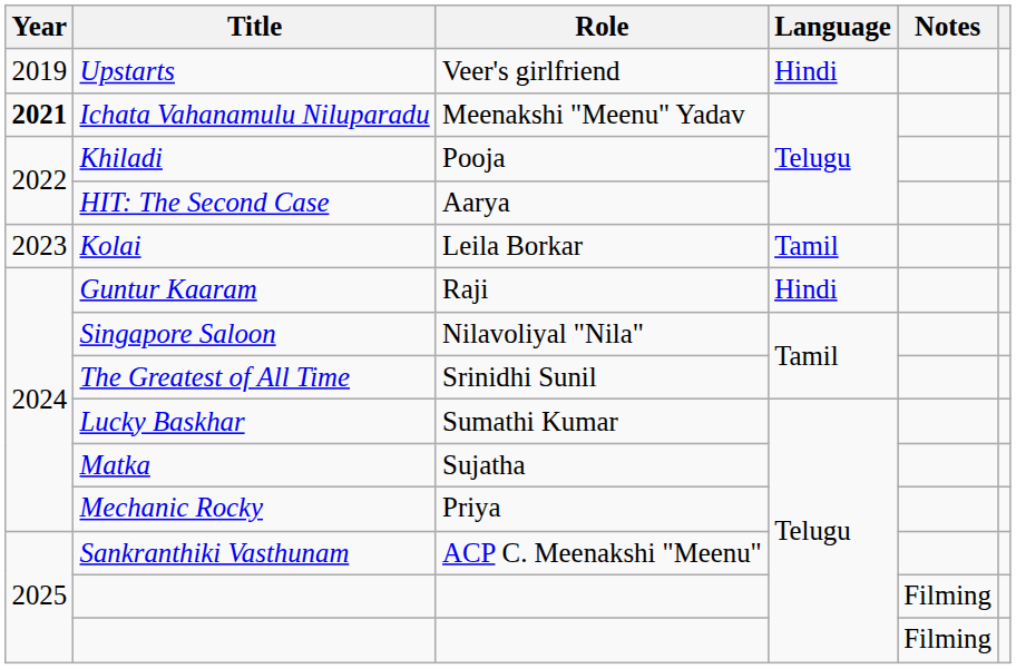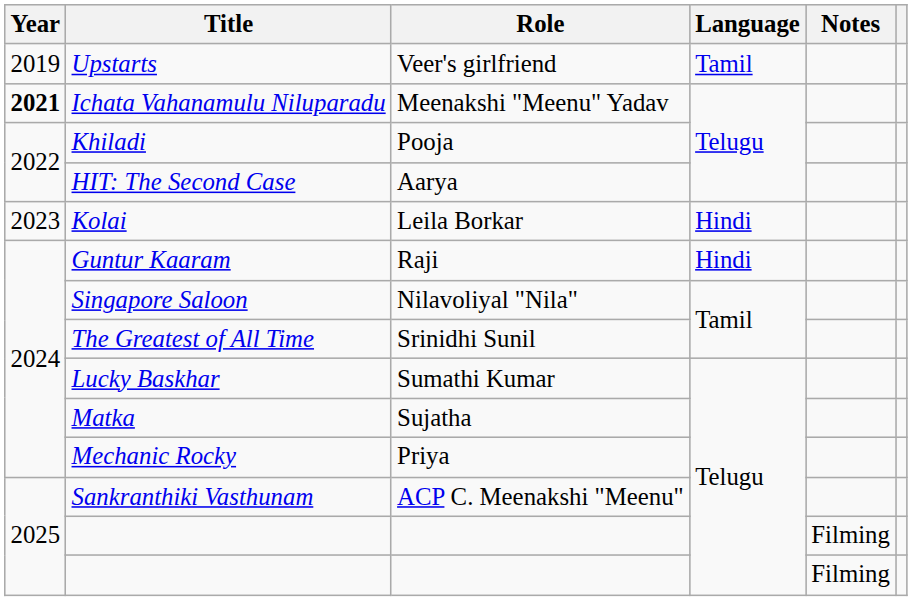 <table class="wikitable sortable">
 <tr>
 <th scope="col">Year</th>
 <th scope="col">Title</th>
 <th scope="col">Role</th>
 <th scope="col">Language</th>
 <th scope="col" class="unsortable">Notes</th>
 <th scope="col" class="unsortable"></th>
 </tr>
 <tr>
 <td>2019</td>
 <td><em><a href='#'>Upstarts</a></em></td>
 <td>Veer's girlfriend</td>
-<td><a href='#'>Hindi</a></td>
+<td><a href='#'>Tamil</a></td>
 <td></td>
 <td style="text-align: center;"></td>
 </tr>
 <tr>
 <td><strong>2021</strong></td>
 <td><em><a href='#'>Ichata Vahanamulu Niluparadu</a></em></td>
 <td>Meenakshi "Meenu" Yadav</td>
 <td rowspan="3"><a href='#'>Telugu</a></td>
 <td></td>
 <td style="text-align: center;"></td>
 </tr>
 <tr>
 <td rowspan="2">2022</td>
 <td><a href='#'><em>Khiladi</em></a></td>
 <td>Pooja</td>
 <td></td>
 <td style="text-align: center;"></td>
 </tr>
 <tr>
 <td><em><a href='#'>HIT: The Second Case</a></em></td>
 <td>Aarya</td>
 <td></td>
 <td style="text-align: center;"></td>
 </tr>
 <tr>
 <td>2023</td>
 <td><em><a href='#'>Kolai</a></em></td>
 <td>Leila Borkar</td>
-<td><a href='#'>Tamil</a></td>
+<td><a href='#'>Hindi</a></td>
 <td></td>
 <td style="text-align: center;"></td>
 </tr>
 <tr>
 <td rowspan="6">2024</td>
 <td><em><a href='#'>Guntur Kaaram</a></em></td>
 <td>Raji</td>
 <td><a href='#'>Hindi</a></td>
 <td></td>
 <td style="text-align: center;"></td>
 </tr>
 <tr>
 <td><em><a href='#'>Singapore Saloon</a></em></td>
 <td>Nilavoliyal "Nila"</td>
 <td rowspan="2">Tamil</td>
 <td></td>
 <td style="text-align: center;"></td>
 </tr>
 <tr>
 <td><em><a href='#'>The Greatest of All Time</a></em></td>
 <td>Srinidhi Sunil</td>
 <td></td>
 <td style="text-align: center;"></td>
 </tr>
 <tr>
 <td><em><a href='#'>Lucky Baskhar</a></em></td>
 <td>Sumathi Kumar</td>
 <td rowspan="7">Telugu</td>
 <td></td>
 <td style="text-align: center;"></td>
 </tr>
 <tr>
 <td><em><a href='#'>Matka</a></em></td>
 <td>Sujatha</td>
 <td></td>
 <td style="text-align: center;"></td>
 </tr>
 <tr>
 <td><em><a href='#'>Mechanic Rocky</a></em></td>
 <td>Priya</td>
 <td></td>
 <td style="text-align: center;"></td>
 </tr>
 <tr>
 <td rowspan="4">2025</td>
 <td><em><a href='#'>Sankranthiki Vasthunam</a></em></td>
 <td><a href='#'>ACP</a> C. Meenakshi "Meenu"</td>
 <td></td>
 <td style="text-align: center;"></td>
 </tr>
 <tr>
 <td></td>
 <td></td>
 <td>Filming</td>
 <td style="text-align: center;"></td>
 </tr>
 <tr>
 <td></td>
 <td></td>
 <td>Filming</td>
 <td></td>
 </tr>
 </table>
